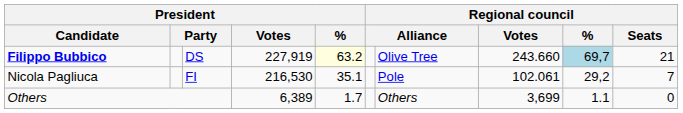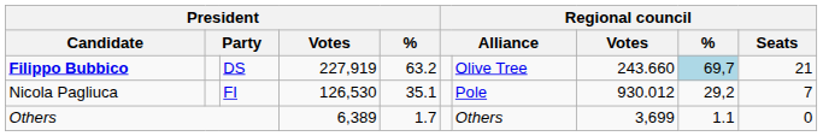 <table class="wikitable" style="text-align:right; style="width=65%">
 <tr>
 <th colspan="5">President</th>
 <th colspan="7">Regional council</th>
 </tr>
 <tr>
 <th>Candidate</th>
 <th colspan="2">Party</th>
 <th>Votes</th>
 <th>%</th>
 <th colspan="2">Alliance</th>
 <th>Votes</th>
 <th>%</th>
 <th>Seats</th>
 </tr>
 <tr>
 <td style="text-align:left"><strong><a href='#'>Filippo Bubbico</a></strong></td>
 <td></td>
 <td style="text-align:left"><a href='#'>DS</a></td>
 <td>227,919</td>
-<td style="background: lightyellow;">63.2</td>
+<td>63.2</td>
 <td></td>
 <td style="text-align:left"><a href='#'>Olive Tree</a></td>
 <td>243.660</td>
 <td style="background: lightblue;">69,7</td>
 <td>21</td>
 </tr>
 <tr>
 <td style="text-align:left">Nicola Pagliuca</td>
 <td></td>
 <td style="text-align:left"><a href='#'>FI</a></td>
-<td>216,530</td>
+<td>126,530</td>
 <td>35.1</td>
 <td></td>
 <td style="text-align:left"><a href='#'>Pole</a></td>
-<td>102.061</td>
+<td>930.012</td>
 <td>29,2</td>
 <td>7</td>
 </tr>
 <tr>
 <td colspan="3" style="text-align:left"><em>Others</em></td>
 <td>6,389</td>
 <td>1.7</td>
 <td></td>
 <td style="text-align:left"><em>Others</em></td>
 <td>3,699</td>
 <td>1.1</td>
 <td>0</td>
 </tr>
 </table>
